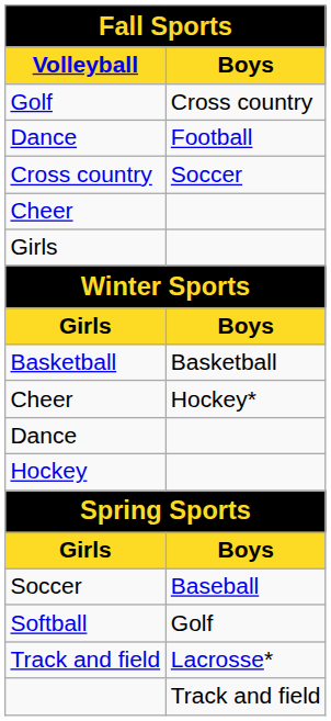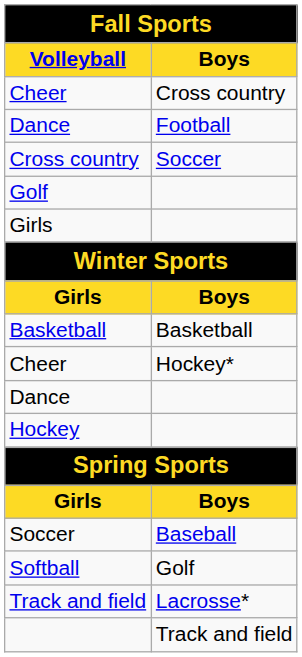 <table class="wikitable">
 <tr style="font-weight:bold; text-align:center; background-color:#000000;">
 <th colspan="2" style="font-size:large; background-color:#000000; color:#fdda24;">Fall Sports</th>
 </tr>
 <tr style="font-weight:bold; text-align:center; background-color:#fdda24;">
 <td><a href='#'>Volleyball</a></td>
 <td>Boys</td>
 </tr>
 <tr>
-<td><a href='#'>Golf</a></td>
+<td><a href='#'>Cheer</a></td>
 <td>Cross country</td>
 </tr>
 <tr>
 <td><a href='#'>Dance</a></td>
 <td><a href='#'>Football</a></td>
 </tr>
 <tr>
 <td><a href='#'>Cross country</a></td>
 <td><a href='#'>Soccer</a></td>
 </tr>
 <tr>
-<td><a href='#'>Cheer</a></td>
+<td><a href='#'>Golf</a></td>
 <td></td>
 </tr>
 <tr>
 <td>Girls</td>
 <td></td>
 </tr>
 <tr style="font-weight:bold; text-align:center;">
 <td colspan="2" style="font-size:large; background-color:#000000; color:#fdda24;">Winter Sports</td>
 </tr>
 <tr style="font-weight:bold; text-align:center; background-color:#FDDA24;">
 <td>Girls</td>
 <td>Boys</td>
 </tr>
 <tr>
 <td><a href='#'>Basketball</a></td>
 <td>Basketball</td>
 </tr>
 <tr>
 <td>Cheer</td>
 <td>Hockey*</td>
 </tr>
 <tr>
 <td>Dance</td>
 <td></td>
 </tr>
 <tr>
 <td><a href='#'>Hockey</a></td>
 <td></td>
 </tr>
 <tr style="font-weight:bold; text-align:center;">
 <td colspan="2" style="font-size:large; background-color:#000000; color:#fdda24;">Spring Sports</td>
 </tr>
 <tr style="font-weight:bold; text-align:center; background-color:#FDDA24;">
 <td>Girls</td>
 <td>Boys</td>
 </tr>
 <tr>
 <td>Soccer</td>
 <td><a href='#'>Baseball</a></td>
 </tr>
 <tr>
 <td><a href='#'>Softball</a></td>
 <td>Golf</td>
 </tr>
 <tr>
 <td><a href='#'>Track and field</a></td>
 <td><a href='#'>Lacrosse</a>*</td>
 </tr>
 <tr>
 <td></td>
 <td>Track and field</td>
 </tr>
 </table>
